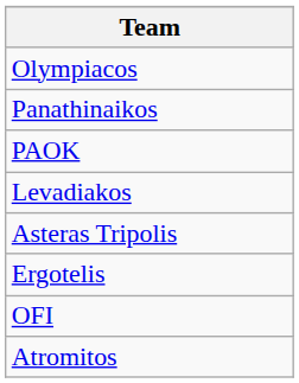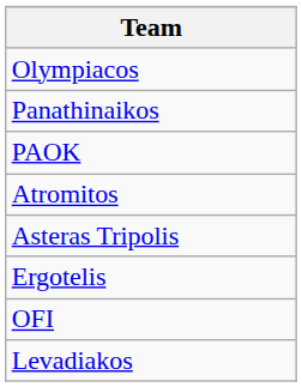 <table class="wikitable" style="float:left; margin-right:1em;">
 <tr>
 </tr>
 <tr>
 <th width=170>Team</th>
 </tr>
 <tr>
 <td><a href='#'>Olympiacos</a></td>
 </tr>
 <tr>
 <td><a href='#'>Panathinaikos</a></td>
 </tr>
 <tr>
 <td><a href='#'>PAOK</a></td>
 </tr>
 <tr>
-<td><a href='#'>Levadiakos</a></td>
+<td><a href='#'>Atromitos</a></td>
 </tr>
 <tr>
 <td><a href='#'>Asteras Tripolis</a></td>
 </tr>
 <tr>
 <td><a href='#'>Ergotelis</a></td>
 </tr>
 <tr>
 <td><a href='#'>OFI</a></td>
 </tr>
 <tr>
-<td><a href='#'>Atromitos</a></td>
+<td><a href='#'>Levadiakos</a></td>
 </tr>
 </table>
